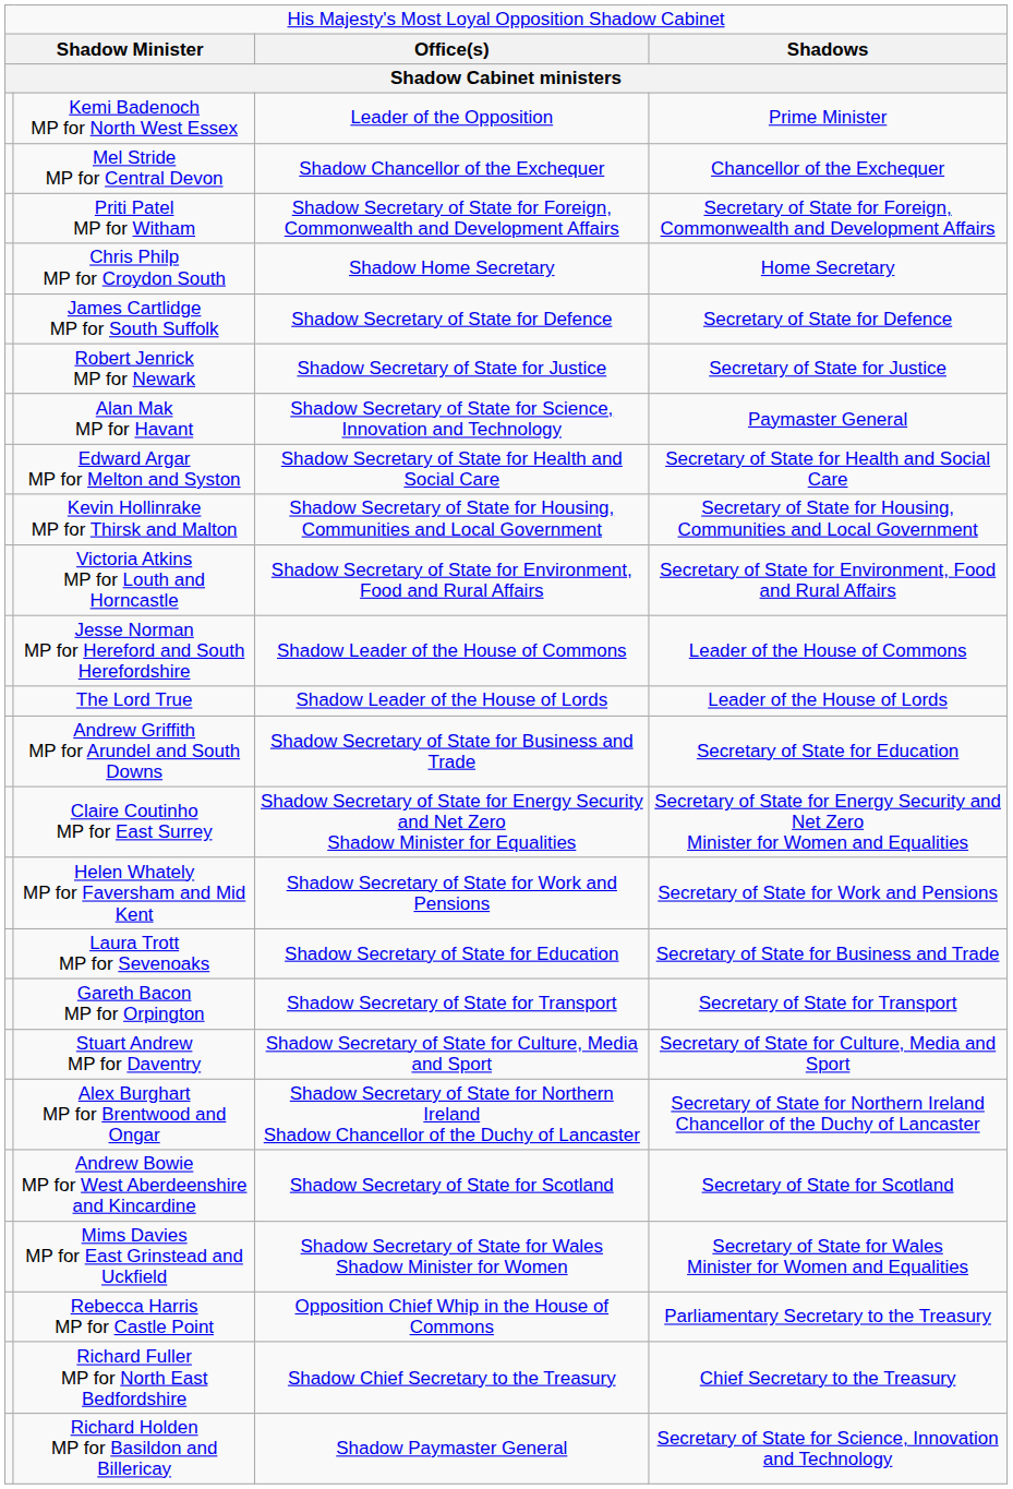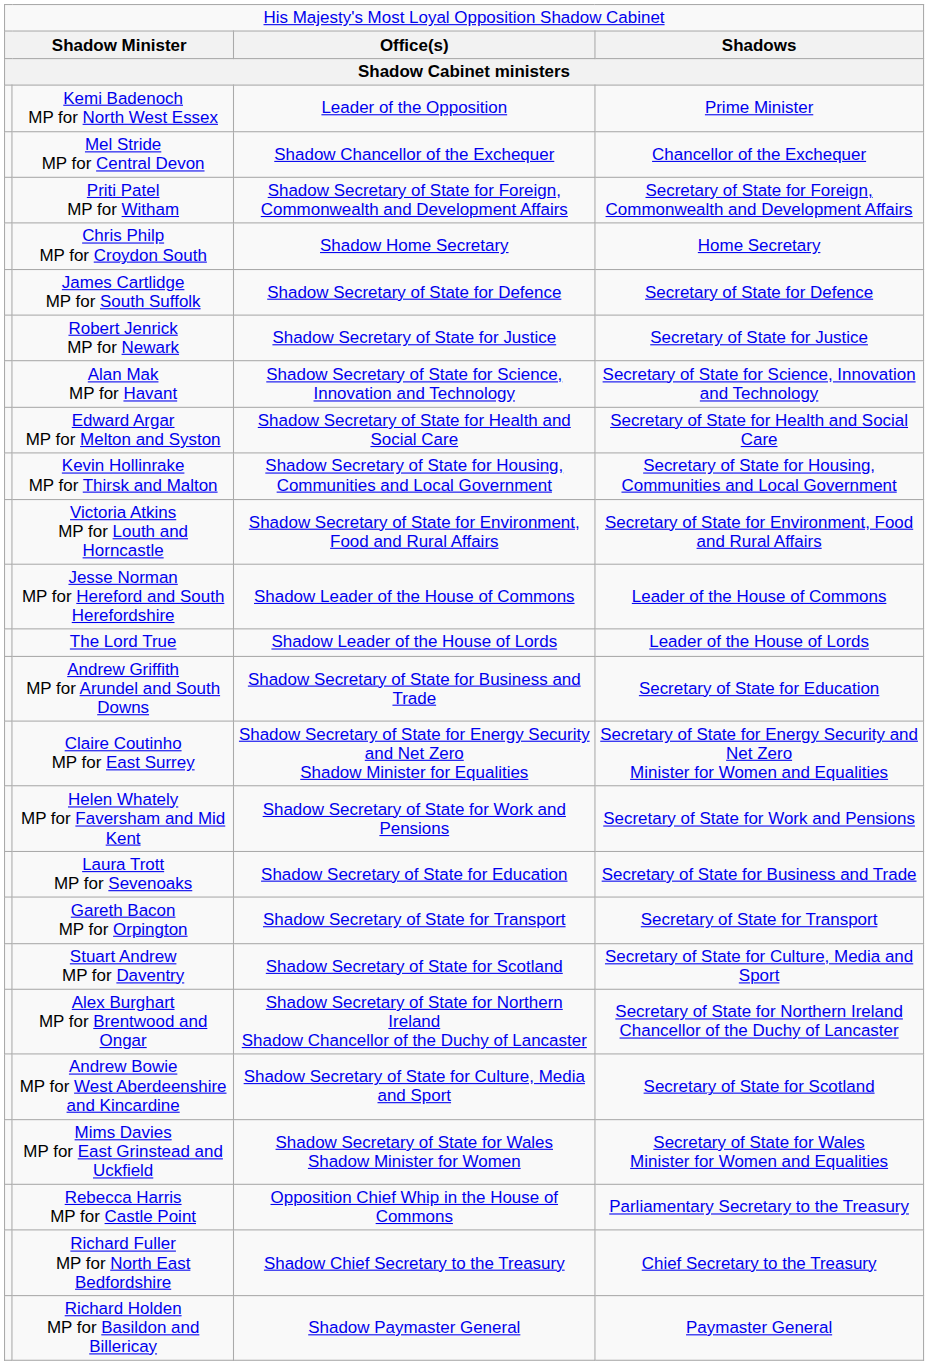 <table class="wikitable" style="text-align:center">
 <tr>
 <td colspan=5><a href='#'>His Majesty's Most Loyal Opposition Shadow Cabinet</a></td>
 </tr>
 <tr>
 <th colspan=2 scope="col">Shadow Minister<br></th>
 <th>Office(s)</th>
 <th>Shadows</th>
 </tr>
 <tr>
 <th colspan=5>Shadow Cabinet ministers</th>
 </tr>
 <tr>
 <td></td>
 <td><a href='#'>Kemi Badenoch</a><br>MP for <a href='#'>North West Essex</a></td>
 <td><a href='#'>Leader of the Opposition</a></td>
 <td><a href='#'>Prime Minister</a></td>
 </tr>
 <tr>
 <td></td>
 <td><a href='#'>Mel Stride</a><br>MP for  <a href='#'>Central Devon</a></td>
 <td><a href='#'>Shadow Chancellor of the Exchequer</a></td>
 <td><a href='#'>Chancellor of the Exchequer</a></td>
 </tr>
 <tr>
 <td></td>
 <td><a href='#'>Priti Patel</a><br>MP for <a href='#'>Witham</a></td>
 <td><a href='#'>Shadow Secretary of State for Foreign, Commonwealth and Development Affairs</a></td>
 <td><a href='#'>Secretary of State for Foreign, Commonwealth and Development Affairs</a></td>
 </tr>
 <tr>
 <td></td>
 <td><a href='#'>Chris Philp</a><br>MP for <a href='#'> Croydon South</a></td>
 <td><a href='#'>Shadow Home Secretary</a></td>
 <td><a href='#'>Home Secretary</a></td>
 </tr>
 <tr>
 <td></td>
 <td><a href='#'>James Cartlidge</a><br>MP for <a href='#'> South Suffolk</a></td>
 <td><a href='#'>Shadow Secretary of State for Defence</a></td>
 <td><a href='#'>Secretary of State for Defence</a></td>
 </tr>
 <tr>
 <td></td>
 <td><a href='#'>Robert Jenrick</a><br>MP for <a href='#'> Newark</a></td>
 <td><a href='#'>Shadow Secretary of State for Justice</a></td>
 <td><a href='#'>Secretary of State for Justice</a></td>
 </tr>
 <tr>
 <td></td>
 <td><a href='#'>Alan Mak</a><br>MP for <a href='#'>Havant</a></td>
 <td><a href='#'>Shadow Secretary of State for Science, Innovation and Technology</a></td>
-<td><a href='#'>Paymaster General</a></td>
+<td><a href='#'>Secretary of State for Science, Innovation and Technology</a></td>
 </tr>
 <tr>
 <td></td>
 <td><a href='#'>Edward Argar</a><br>MP for <a href='#'>Melton and Syston</a></td>
 <td><a href='#'>Shadow Secretary of State for Health and Social Care</a></td>
 <td><a href='#'>Secretary of State for Health and Social Care</a></td>
 </tr>
 <tr>
 <td></td>
 <td><a href='#'>Kevin Hollinrake</a><br>MP for <a href='#'>Thirsk and Malton</a></td>
 <td><a href='#'>Shadow Secretary of State for Housing, Communities and Local Government</a></td>
 <td><a href='#'>Secretary of State for Housing, Communities and Local Government</a></td>
 </tr>
 <tr>
 <td></td>
 <td><a href='#'>Victoria Atkins</a><br>MP for <a href='#'>Louth and Horncastle</a></td>
 <td><a href='#'>Shadow Secretary of State for Environment, Food and Rural Affairs</a></td>
 <td><a href='#'>Secretary of State for Environment, Food and Rural Affairs</a></td>
 </tr>
 <tr>
 <td></td>
 <td><a href='#'>Jesse Norman</a><br>MP for <a href='#'>Hereford and South Herefordshire</a></td>
 <td><a href='#'>Shadow Leader of the House of Commons</a></td>
 <td><a href='#'>Leader of the House of Commons</a></td>
 </tr>
 <tr>
 <td></td>
 <td><a href='#'>The Lord True</a></td>
 <td><a href='#'>Shadow Leader of the House of Lords</a></td>
 <td><a href='#'>Leader of the House of Lords</a></td>
 </tr>
 <tr>
 <td></td>
 <td><a href='#'>Andrew Griffith</a><br>MP for <a href='#'>Arundel and South Downs</a></td>
 <td><a href='#'>Shadow Secretary of State for Business and Trade</a></td>
 <td><a href='#'>Secretary of State for Education</a></td>
 </tr>
 <tr>
 <td></td>
 <td><a href='#'>Claire Coutinho</a><br>MP for <a href='#'> East Surrey</a></td>
 <td><a href='#'>Shadow Secretary of State for Energy Security and Net Zero</a><br><a href='#'>Shadow Minister for Equalities</a></td>
 <td><a href='#'>Secretary of State for Energy Security and Net Zero</a><br><a href='#'>Minister for Women and Equalities</a></td>
 </tr>
 <tr>
 <td></td>
 <td><a href='#'>Helen Whately</a><br>MP for <a href='#'>Faversham and Mid Kent</a></td>
 <td><a href='#'>Shadow Secretary of State for Work and Pensions</a></td>
 <td><a href='#'>Secretary of State for Work and Pensions</a></td>
 </tr>
 <tr>
 <td></td>
 <td><a href='#'>Laura Trott</a><br>MP for <a href='#'>Sevenoaks</a></td>
 <td><a href='#'>Shadow Secretary of State for Education</a></td>
 <td><a href='#'>Secretary of State for Business and Trade</a></td>
 </tr>
 <tr>
 <td></td>
 <td><a href='#'>Gareth Bacon</a><br>MP for <a href='#'>Orpington</a></td>
 <td><a href='#'>Shadow Secretary of State for Transport</a></td>
 <td><a href='#'>Secretary of State for Transport</a></td>
 </tr>
 <tr>
 <td></td>
 <td><a href='#'>Stuart Andrew</a><br>MP for <a href='#'>Daventry</a></td>
-<td><a href='#'>Shadow Secretary of State for Culture, Media and Sport</a></td>
+<td><a href='#'>Shadow Secretary of State for Scotland</a></td>
 <td><a href='#'>Secretary of State for Culture, Media and Sport</a></td>
 </tr>
 <tr>
 <td></td>
 <td><a href='#'>Alex Burghart</a><br>MP for <a href='#'> Brentwood and Ongar</a></td>
 <td><a href='#'>Shadow Secretary of State for Northern Ireland</a><br><a href='#'>Shadow Chancellor of the Duchy of Lancaster</a></td>
 <td><a href='#'>Secretary of State for Northern Ireland</a><br><a href='#'>Chancellor of the Duchy of Lancaster</a></td>
 </tr>
 <tr>
 <td></td>
 <td><a href='#'>Andrew Bowie</a><br>MP for <a href='#'>West Aberdeenshire and Kincardine</a></td>
-<td><a href='#'>Shadow Secretary of State for Scotland</a></td>
+<td><a href='#'>Shadow Secretary of State for Culture, Media and Sport</a></td>
 <td><a href='#'>Secretary of State for Scotland</a></td>
 </tr>
 <tr>
 <td></td>
 <td><a href='#'>Mims Davies</a><br>MP for  <a href='#'>East Grinstead and Uckfield</a></td>
 <td><a href='#'>Shadow Secretary of State for Wales</a><br><a href='#'>Shadow Minister for Women</a></td>
 <td><a href='#'>Secretary of State for Wales</a><br><a href='#'>Minister for Women and Equalities</a></td>
 </tr>
 <tr>
 <td></td>
 <td scope="row"><a href='#'>Rebecca Harris</a><br>MP for  <a href='#'>Castle Point</a></td>
 <td><a href='#'>Opposition Chief Whip in the House of Commons</a></td>
 <td><a href='#'>Parliamentary Secretary to the Treasury</a></td>
 </tr>
 <tr>
 <td></td>
 <td><a href='#'>Richard Fuller</a><br>MP for <a href='#'>North East Bedfordshire</a></td>
 <td><a href='#'>Shadow Chief Secretary to the Treasury</a></td>
 <td><a href='#'>Chief Secretary to the Treasury</a></td>
 </tr>
 <tr>
 <td></td>
 <td><a href='#'>Richard Holden</a><br>MP for <a href='#'>Basildon and Billericay</a></td>
 <td><a href='#'>Shadow Paymaster General</a></td>
-<td><a href='#'>Secretary of State for Science, Innovation and Technology</a></td>
+<td><a href='#'>Paymaster General</a></td>
 </tr>
 </table>
